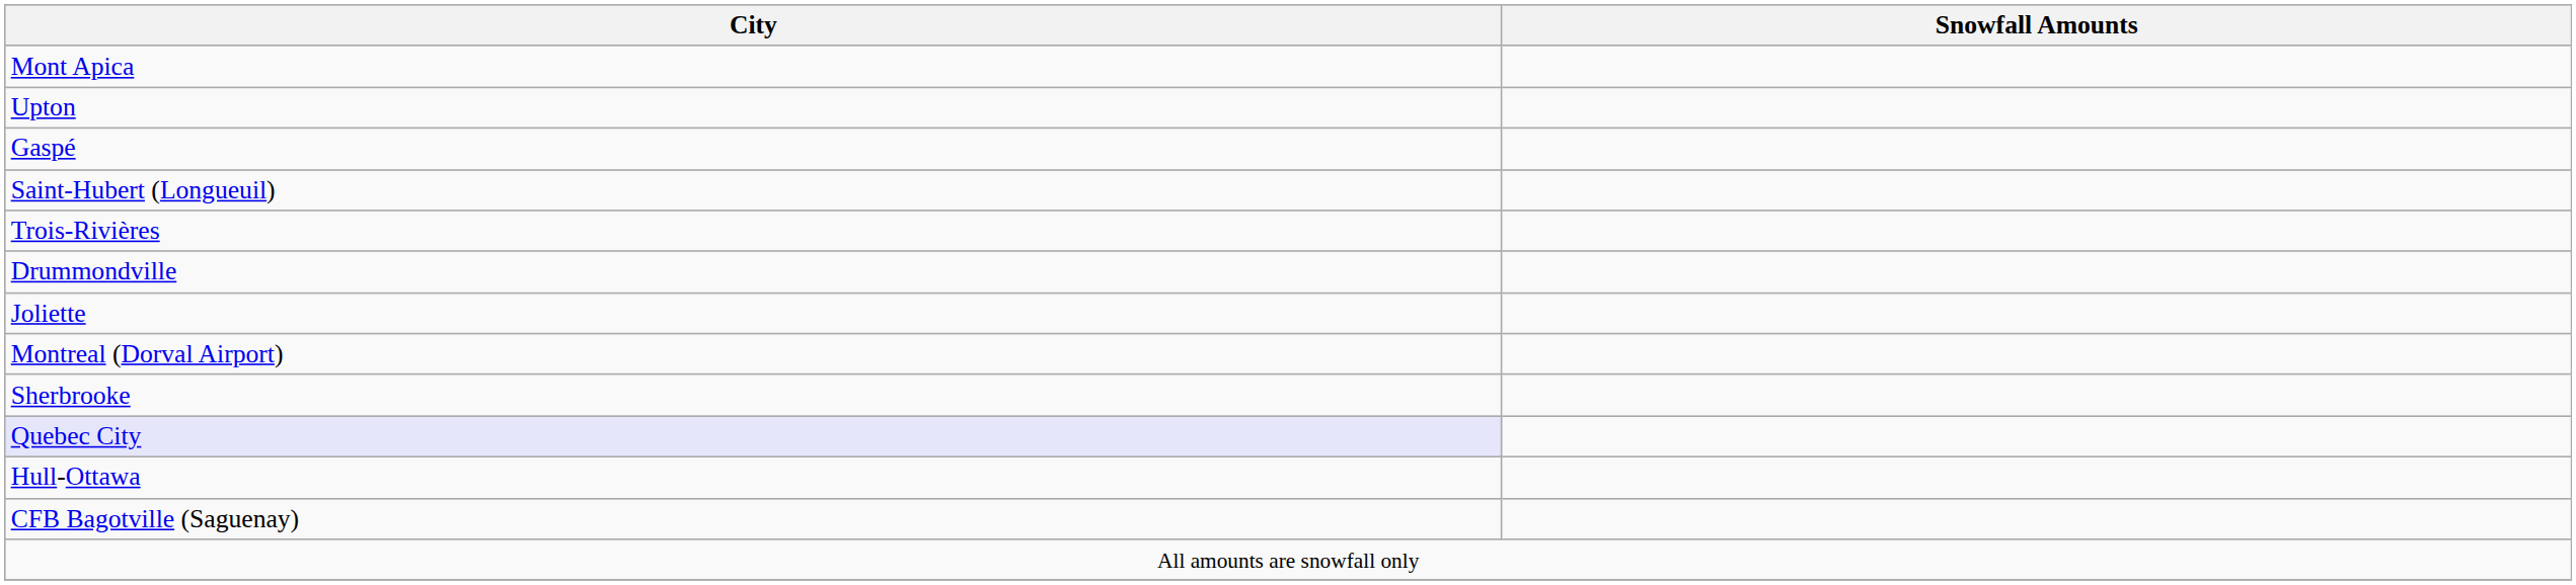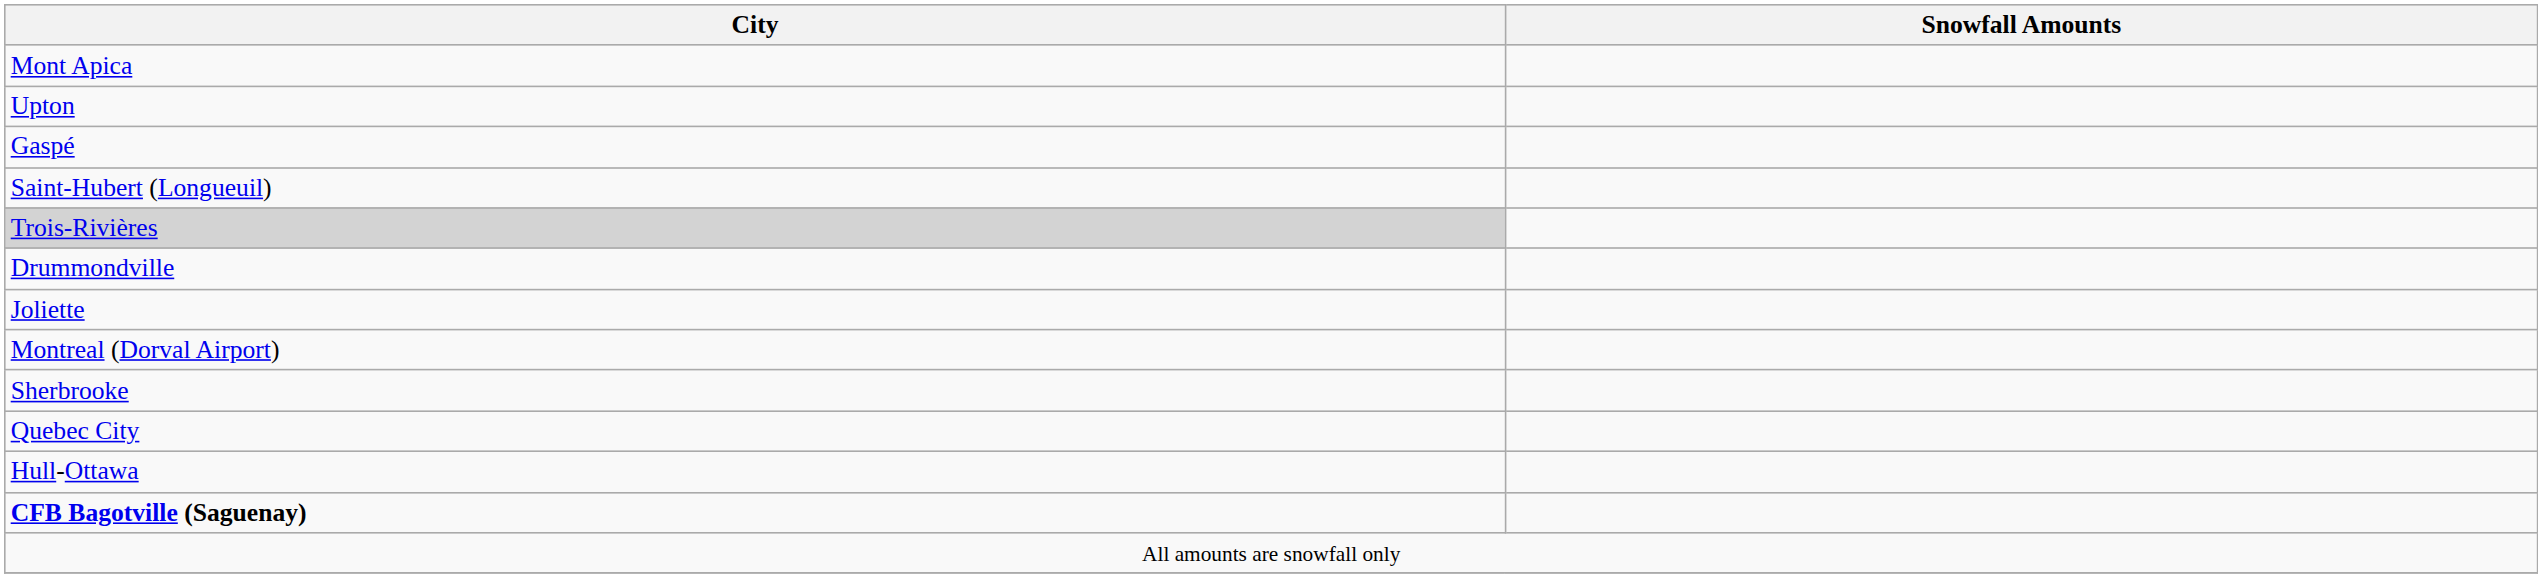 <table class="wikitable collapsible collapsed" border="1" width=100%>
 <tr>
 <th><strong>City</strong></th>
 <th><strong>Snowfall Amounts</strong></th>
 </tr>
 <tr>
 <td><a href='#'>Mont Apica</a></td>
 <td></td>
 </tr>
 <tr>
 <td><a href='#'>Upton</a></td>
 <td></td>
 </tr>
 <tr>
 <td><a href='#'>Gaspé</a></td>
 <td></td>
 </tr>
 <tr>
 <td><a href='#'>Saint-Hubert</a> (<a href='#'>Longueuil</a>)</td>
 <td></td>
 </tr>
 <tr>
-<td><a href='#'>Trois-Rivières</a></td>
+<td style="background: lightgrey;"><a href='#'>Trois-Rivières</a></td>
 <td></td>
 </tr>
 <tr>
 <td><a href='#'>Drummondville</a></td>
 <td></td>
 </tr>
 <tr>
 <td><a href='#'>Joliette</a></td>
 <td></td>
 </tr>
 <tr>
 <td><a href='#'>Montreal</a> (<a href='#'>Dorval Airport</a>)</td>
 <td></td>
 </tr>
 <tr>
 <td><a href='#'>Sherbrooke</a></td>
 <td></td>
 </tr>
 <tr>
-<td style="background: lavender;"><a href='#'>Quebec City</a></td>
+<td><a href='#'>Quebec City</a></td>
 <td></td>
 </tr>
 <tr>
 <td><a href='#'>Hull</a>-<a href='#'>Ottawa</a></td>
 <td></td>
 </tr>
 <tr>
-<td><a href='#'>CFB Bagotville</a> (Saguenay)</td>
+<td><strong><a href='#'>CFB Bagotville</a> (Saguenay)</strong></td>
 <td></td>
 </tr>
 <tr>
 <td colspan=3 align=center><small>All amounts are snowfall only</small></td>
 </tr>
 <tr>
 </tr>
 </table>
